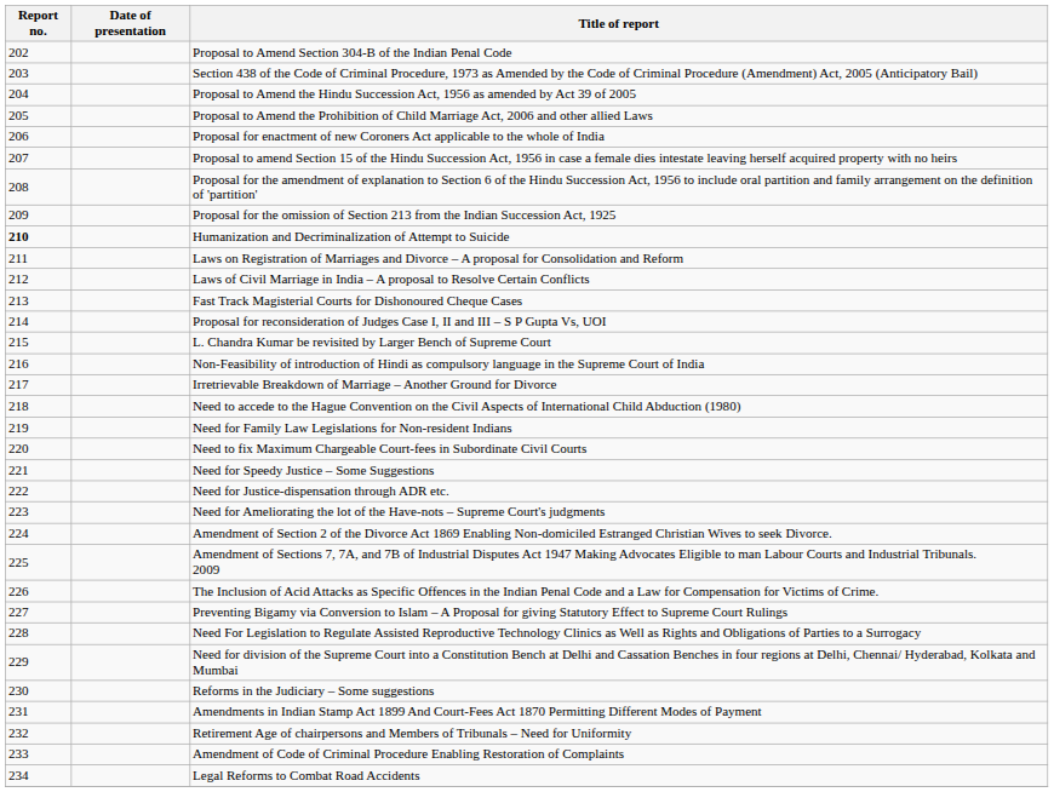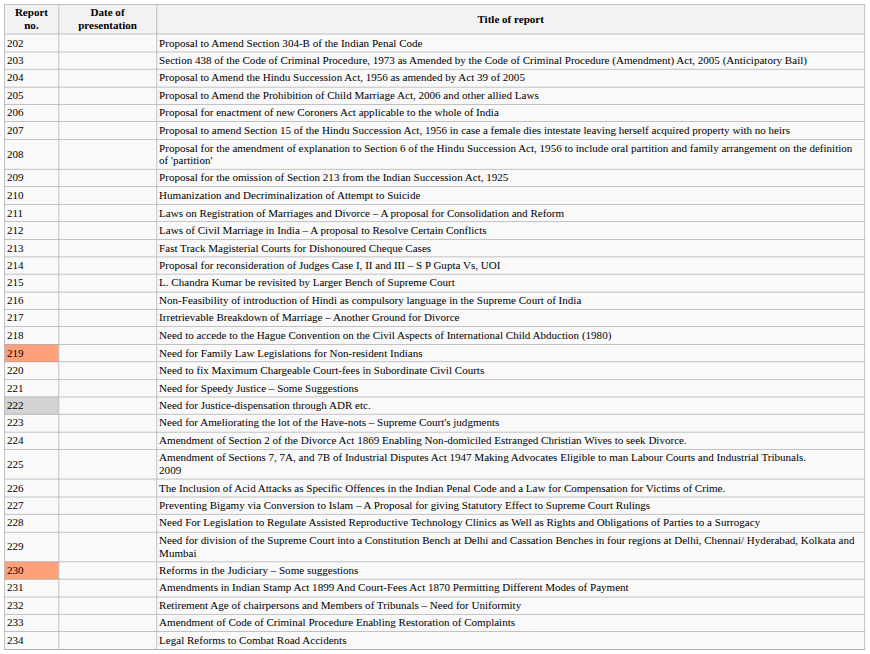 <table class="wikitable">
 <tr>
 <th>Report no.</th>
 <th>Date of presentation</th>
 <th>Title of report</th>
 </tr>
 <tr>
 <td>202</td>
 <td></td>
 <td>Proposal to Amend Section 304-B of the Indian Penal Code</td>
 </tr>
 <tr>
 <td>203</td>
 <td></td>
 <td>Section 438 of the Code of Criminal Procedure, 1973 as Amended by the Code of Criminal Procedure (Amendment) Act, 2005 (Anticipatory Bail)</td>
 </tr>
 <tr>
 <td>204</td>
 <td></td>
 <td>Proposal to Amend the Hindu Succession Act, 1956 as amended by Act 39 of 2005</td>
 </tr>
 <tr>
 <td>205</td>
 <td></td>
 <td>Proposal to Amend the Prohibition of Child Marriage Act, 2006 and other allied Laws</td>
 </tr>
 <tr>
 <td>206</td>
 <td></td>
 <td>Proposal for enactment of new Coroners Act applicable to the whole of India</td>
 </tr>
 <tr>
 <td>207</td>
 <td></td>
 <td>Proposal to amend Section 15 of the Hindu Succession Act, 1956 in case a female dies intestate leaving herself acquired property with no heirs</td>
 </tr>
 <tr>
 <td>208</td>
 <td></td>
 <td>Proposal for the amendment of explanation to Section 6 of the Hindu Succession Act, 1956 to include oral partition and family arrangement on the definition of 'partition'</td>
 </tr>
 <tr>
 <td>209</td>
 <td></td>
 <td>Proposal for the omission of Section 213 from the Indian Succession Act, 1925</td>
 </tr>
 <tr>
-<td><strong>210</strong></td>
+<td>210</td>
 <td></td>
 <td>Humanization and Decriminalization of Attempt to Suicide</td>
 </tr>
 <tr>
 <td>211</td>
 <td></td>
 <td>Laws on Registration of Marriages and Divorce – A proposal for Consolidation and Reform</td>
 </tr>
 <tr>
 <td>212</td>
 <td></td>
 <td>Laws of Civil Marriage in India – A proposal to Resolve Certain Conflicts</td>
 </tr>
 <tr>
 <td>213</td>
 <td></td>
 <td>Fast Track Magisterial Courts for Dishonoured Cheque Cases</td>
 </tr>
 <tr>
 <td>214</td>
 <td></td>
 <td>Proposal for reconsideration of Judges Case I, II and III – S P Gupta Vs, UOI</td>
 </tr>
 <tr>
 <td>215</td>
 <td></td>
 <td>L. Chandra Kumar be revisited by Larger Bench of Supreme Court</td>
 </tr>
 <tr>
 <td>216</td>
 <td></td>
 <td>Non-Feasibility of introduction of Hindi as compulsory language in the Supreme Court of India</td>
 </tr>
 <tr>
 <td>217</td>
 <td></td>
 <td>Irretrievable Breakdown of Marriage – Another Ground for Divorce</td>
 </tr>
 <tr>
 <td>218</td>
 <td></td>
 <td>Need to accede to the Hague Convention on the Civil Aspects of International Child Abduction (1980)</td>
 </tr>
 <tr>
-<td>219</td>
+<td style="background: lightsalmon;">219</td>
 <td></td>
 <td>Need for Family Law Legislations for Non-resident Indians</td>
 </tr>
 <tr>
 <td>220</td>
 <td></td>
 <td>Need to fix Maximum Chargeable Court-fees in Subordinate Civil Courts</td>
 </tr>
 <tr>
 <td>221</td>
 <td></td>
 <td>Need for Speedy Justice – Some Suggestions</td>
 </tr>
 <tr>
-<td>222</td>
+<td style="background: lightgrey;">222</td>
 <td></td>
 <td>Need for Justice-dispensation through ADR etc.</td>
 </tr>
 <tr>
 <td>223</td>
 <td></td>
 <td>Need for Ameliorating the lot of the Have-nots – Supreme Court's judgments</td>
 </tr>
 <tr>
 <td>224</td>
 <td></td>
 <td>Amendment of Section 2 of the Divorce Act 1869 Enabling Non-domiciled Estranged Christian Wives to seek Divorce.</td>
 </tr>
 <tr>
 <td>225</td>
 <td></td>
 <td>Amendment of Sections 7, 7A, and 7B of Industrial Disputes Act 1947 Making Advocates Eligible to man Labour Courts and Industrial Tribunals.<br>2009</td>
 </tr>
 <tr>
 <td>226</td>
 <td></td>
 <td>The Inclusion of Acid Attacks as Specific Offences in the Indian Penal Code and a Law for Compensation for Victims of Crime.</td>
 </tr>
 <tr>
 <td>227</td>
 <td></td>
 <td>Preventing Bigamy via Conversion to Islam – A Proposal for giving Statutory Effect to Supreme Court Rulings</td>
 </tr>
 <tr>
 <td>228</td>
 <td></td>
 <td>Need For Legislation to Regulate Assisted Reproductive Technology Clinics as Well as Rights and Obligations of Parties to a Surrogacy</td>
 </tr>
 <tr>
 <td>229</td>
 <td></td>
 <td>Need for division of the Supreme Court into a Constitution Bench at Delhi and Cassation Benches in four regions at Delhi, Chennai/ Hyderabad, Kolkata and Mumbai</td>
 </tr>
 <tr>
-<td>230</td>
+<td style="background: lightsalmon;">230</td>
 <td></td>
 <td>Reforms in the Judiciary – Some suggestions</td>
 </tr>
 <tr>
 <td>231</td>
 <td></td>
 <td>Amendments in Indian Stamp Act 1899 And Court-Fees Act 1870 Permitting Different Modes of Payment</td>
 </tr>
 <tr>
 <td>232</td>
 <td></td>
 <td>Retirement Age of chairpersons and Members of Tribunals – Need for Uniformity</td>
 </tr>
 <tr>
 <td>233</td>
 <td></td>
 <td>Amendment of Code of Criminal Procedure Enabling Restoration of Complaints</td>
 </tr>
 <tr>
 <td>234</td>
 <td></td>
 <td>Legal Reforms to Combat Road Accidents</td>
 </tr>
 <tr>
 </tr>
 </table>
